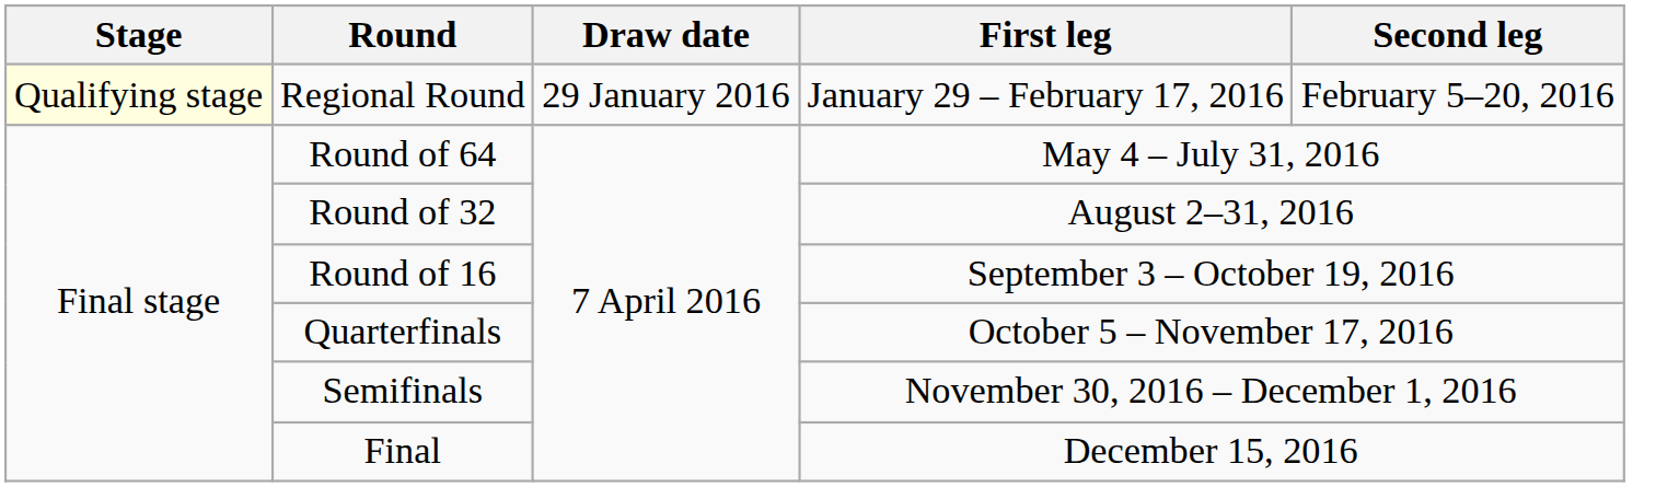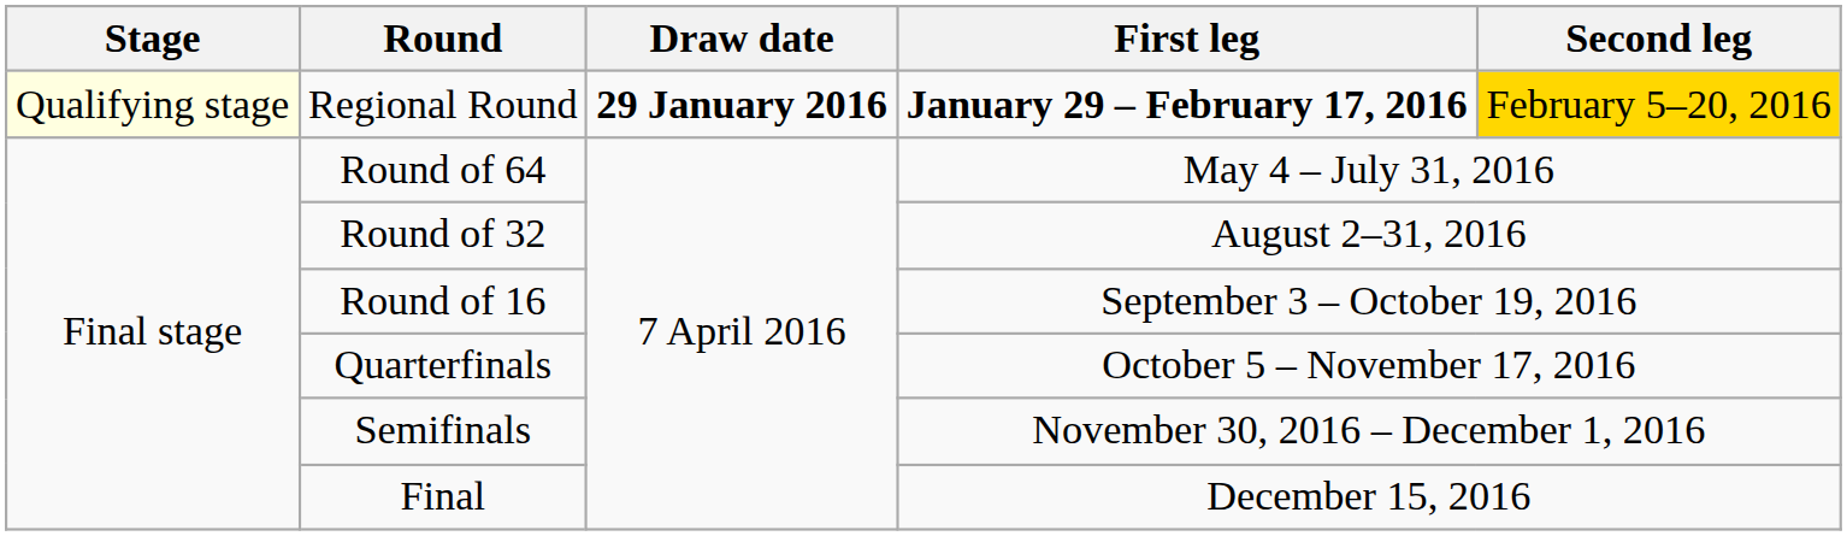 <table class="wikitable" style="text-align:center">
 <tr>
 <th>Stage</th>
 <th>Round</th>
 <th>Draw date</th>
 <th>First leg</th>
 <th>Second leg</th>
 </tr>
 <tr>
 <td style="background: lightyellow;">Qualifying stage</td>
 <td>Regional Round</td>
-<td>29 January 2016</td>
-<td>January 29 – February 17, 2016</td>
-<td>February 5–20, 2016</td>
+<td><strong>29 January 2016</strong></td>
+<td><strong>January 29 – February 17, 2016</strong></td>
+<td style="background: gold;">February 5–20, 2016</td>
 </tr>
 <tr>
 <td rowspan=6>Final stage</td>
 <td>Round of 64</td>
 <td rowspan=6>7 April 2016</td>
 <td colspan=2>May 4 – July 31, 2016</td>
 </tr>
 <tr>
 <td>Round of 32</td>
 <td colspan=2>August 2–31, 2016</td>
 </tr>
 <tr>
 <td>Round of 16</td>
 <td colspan=2>September 3 – October 19, 2016</td>
 </tr>
 <tr>
 <td>Quarterfinals</td>
 <td colspan=2>October 5 – November 17, 2016</td>
 </tr>
 <tr>
 <td>Semifinals</td>
 <td colspan=2>November 30, 2016 – December 1, 2016</td>
 </tr>
 <tr>
 <td>Final</td>
 <td colspan=2>December 15, 2016</td>
 </tr>
 </table>
